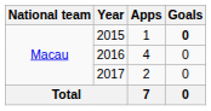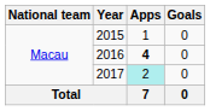 <table class="wikitable" style="text-align:center">
 <tr>
 <th>National team</th>
 <th>Year</th>
 <th>Apps</th>
 <th>Goals</th>
 </tr>
 <tr>
 <td rowspan="3"><a href='#'>Macau</a></td>
 <td>2015</td>
 <td>1</td>
-<td><strong>0</strong></td>
+<td>0</td>
 </tr>
 <tr>
 <td>2016</td>
-<td>4</td>
+<td><strong>4</strong></td>
 <td>0</td>
 </tr>
 <tr>
 <td>2017</td>
-<td>2</td>
+<td style="background: paleturquoise;">2</td>
 <td>0</td>
 </tr>
 <tr>
 <th colspan=2>Total</th>
 <th>7</th>
 <th>0</th>
 </tr>
 </table>
